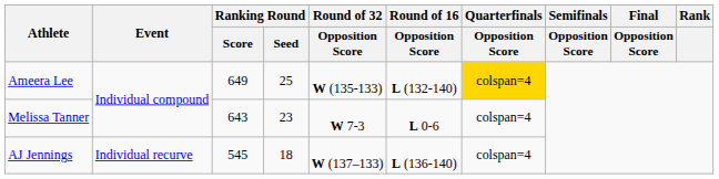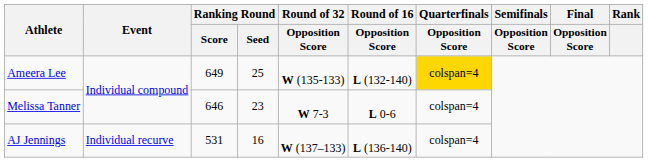 <table class="wikitable" style="text-align: center; font-size:90%">
 <tr>
 <th rowspan="2">Athlete</th>
 <th rowspan="2">Event</th>
 <th colspan="2">Ranking Round</th>
 <th>Round of 32</th>
 <th>Round of 16</th>
 <th>Quarterfinals</th>
 <th>Semifinals</th>
 <th>Final</th>
 <th>Rank</th>
 </tr>
 <tr style="font-size:95%">
 <th>Score</th>
 <th>Seed</th>
 <th>Opposition<br>Score</th>
 <th>Opposition<br>Score</th>
 <th>Opposition<br>Score</th>
 <th>Opposition<br>Score</th>
 <th>Opposition<br>Score</th>
 <th></th>
 </tr>
 <tr>
 <td align=left><a href='#'>Ameera Lee</a></td>
 <td align=left rowspan=2><a href='#'>Individual compound</a></td>
 <td>649</td>
 <td>25</td>
 <td><br><strong>W</strong> (135-133)</td>
 <td><br><strong>L</strong> (132-140)</td>
 <td style="background: gold;">colspan=4 </td>
 </tr>
 <tr>
 <td align=left><a href='#'>Melissa Tanner</a></td>
-<td>643</td>
+<td>646</td>
 <td>23</td>
 <td> <br> <strong>W</strong> 7-3</td>
 <td> <br> <strong>L</strong> 0-6</td>
 <td>colspan=4 </td>
 </tr>
 <tr>
 <td align=left><a href='#'>AJ Jennings</a></td>
 <td align=left><a href='#'>Individual recurve</a></td>
-<td>545</td>
-<td>18</td>
+<td>531</td>
+<td>16</td>
 <td> <br><strong>W</strong> (137–133)</td>
 <td> <br><strong>L</strong> (136-140)</td>
 <td>colspan=4 </td>
 </tr>
 </table>
